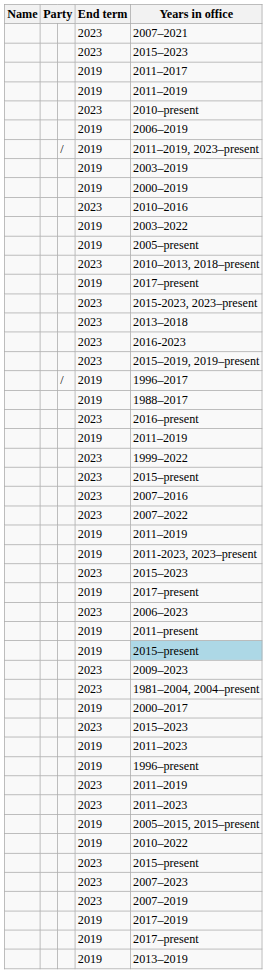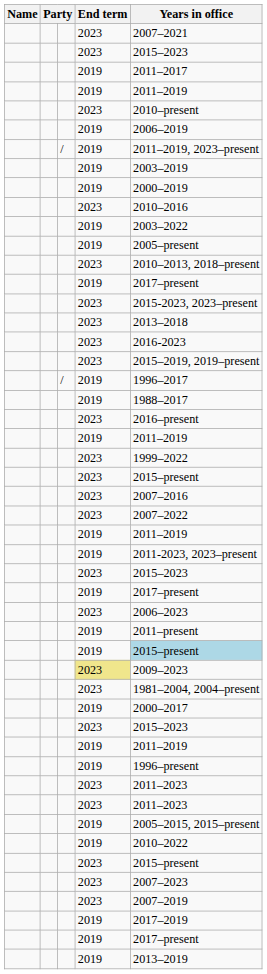 <table class="wikitable sortable">
 <tr>
 <th>Name</th>
 <th colspan=2>Party</th>
 <th>End term</th>
 <th>Years in office</th>
 </tr>
 <tr>
 <td></td>
 <td> </td>
 <td></td>
 <td>2023</td>
 <td>2007–2021</td>
 </tr>
 <tr>
 <td></td>
 <td> </td>
 <td></td>
 <td>2023</td>
 <td>2015–2023</td>
 </tr>
 <tr>
 <td></td>
 <td> </td>
 <td></td>
 <td>2019</td>
 <td>2011–2017</td>
 </tr>
 <tr>
 <td></td>
 <td> </td>
 <td></td>
 <td>2019</td>
 <td>2011–2019</td>
 </tr>
 <tr>
 <td></td>
 <td> </td>
 <td></td>
 <td>2023</td>
 <td>2010–present</td>
 </tr>
 <tr>
 <td></td>
 <td> </td>
 <td></td>
 <td>2019</td>
 <td>2006–2019</td>
 </tr>
 <tr>
 <td></td>
 <td> </td>
 <td> / </td>
 <td>2019</td>
 <td>2011–2019, 2023–present</td>
 </tr>
 <tr>
 <td></td>
 <td> </td>
 <td></td>
 <td>2019</td>
 <td>2003–2019</td>
 </tr>
 <tr>
 <td></td>
 <td> </td>
 <td></td>
 <td>2019</td>
 <td>2000–2019</td>
 </tr>
 <tr>
 <td></td>
 <td> </td>
 <td></td>
 <td>2023</td>
 <td>2010–2016</td>
 </tr>
 <tr>
 <td></td>
 <td> </td>
 <td></td>
 <td>2019</td>
 <td>2003–2022</td>
 </tr>
 <tr>
 <td></td>
 <td> </td>
 <td></td>
 <td>2019</td>
 <td>2005–present</td>
 </tr>
 <tr>
 <td></td>
 <td> </td>
 <td></td>
 <td>2023</td>
 <td>2010–2013, 2018–present</td>
 </tr>
 <tr>
 <td></td>
 <td> </td>
 <td></td>
 <td>2019</td>
 <td>2017–present</td>
 </tr>
 <tr>
 <td></td>
 <td> </td>
 <td></td>
 <td>2023</td>
 <td>2015-2023, 2023–present</td>
 </tr>
 <tr>
 <td></td>
 <td> </td>
 <td></td>
 <td>2023</td>
 <td>2013–2018</td>
 </tr>
 <tr>
 <td></td>
 <td> </td>
 <td></td>
 <td>2023</td>
 <td>2016-2023</td>
 </tr>
 <tr>
 <td></td>
 <td> </td>
 <td></td>
 <td>2023</td>
 <td>2015–2019, 2019–present</td>
 </tr>
 <tr>
 <td></td>
 <td> </td>
 <td> / </td>
 <td>2019</td>
 <td>1996–2017</td>
 </tr>
 <tr>
 <td></td>
 <td> </td>
 <td></td>
 <td>2019</td>
 <td>1988–2017</td>
 </tr>
 <tr>
 <td></td>
 <td> </td>
 <td></td>
 <td>2023</td>
 <td>2016–present</td>
 </tr>
 <tr>
 <td></td>
 <td> </td>
 <td></td>
 <td>2019</td>
 <td>2011–2019</td>
 </tr>
 <tr>
 <td></td>
 <td> </td>
 <td></td>
 <td>2023</td>
 <td>1999–2022</td>
 </tr>
 <tr>
 <td></td>
 <td> </td>
 <td></td>
 <td>2023</td>
 <td>2015–present</td>
 </tr>
 <tr>
 <td></td>
 <td> </td>
 <td></td>
 <td>2023</td>
 <td>2007–2016</td>
 </tr>
 <tr>
 <td></td>
 <td> </td>
 <td></td>
 <td>2023</td>
 <td>2007–2022</td>
 </tr>
 <tr>
 <td></td>
 <td> </td>
 <td></td>
 <td>2019</td>
 <td>2011–2019</td>
 </tr>
 <tr>
 <td></td>
 <td> </td>
 <td></td>
 <td>2019</td>
 <td>2011-2023, 2023–present</td>
 </tr>
 <tr>
 <td></td>
 <td> </td>
 <td></td>
 <td>2023</td>
 <td>2015–2023</td>
 </tr>
 <tr>
 <td></td>
 <td> </td>
 <td></td>
 <td>2019</td>
 <td>2017–present</td>
 </tr>
 <tr>
 <td></td>
 <td> </td>
 <td></td>
 <td>2023</td>
 <td>2006–2023</td>
 </tr>
 <tr>
 <td></td>
 <td> </td>
 <td></td>
 <td>2019</td>
 <td>2011–present</td>
 </tr>
 <tr>
 <td></td>
 <td> </td>
 <td></td>
 <td>2019</td>
 <td style="background: lightblue;">2015–present</td>
 </tr>
 <tr>
 <td></td>
 <td> </td>
 <td></td>
-<td>2023</td>
+<td style="background: khaki;">2023</td>
 <td>2009–2023</td>
 </tr>
 <tr>
 <td></td>
 <td> </td>
 <td></td>
 <td>2023</td>
 <td>1981–2004, 2004–present</td>
 </tr>
 <tr>
 <td></td>
 <td> </td>
 <td></td>
 <td>2019</td>
 <td>2000–2017</td>
 </tr>
 <tr>
 <td></td>
 <td> </td>
 <td></td>
 <td>2023</td>
 <td>2015–2023</td>
 </tr>
 <tr>
 <td></td>
 <td> </td>
 <td></td>
 <td>2019</td>
-<td>2011–2023</td>
+<td>2011–2019</td>
 </tr>
 <tr>
 <td></td>
 <td> </td>
 <td></td>
 <td>2019</td>
 <td>1996–present</td>
 </tr>
 <tr>
 <td></td>
 <td> </td>
 <td></td>
 <td>2023</td>
-<td>2011–2019</td>
+<td>2011–2023</td>
 </tr>
 <tr>
 <td></td>
 <td> </td>
 <td></td>
 <td>2023</td>
 <td>2011–2023</td>
 </tr>
 <tr>
 <td></td>
 <td> </td>
 <td></td>
 <td>2019</td>
 <td>2005–2015, 2015–present</td>
 </tr>
 <tr>
 <td></td>
 <td> </td>
 <td></td>
 <td>2019</td>
 <td>2010–2022</td>
 </tr>
 <tr>
 <td></td>
 <td> </td>
 <td></td>
 <td>2023</td>
 <td>2015–present</td>
 </tr>
 <tr>
 <td></td>
 <td> </td>
 <td></td>
 <td>2023</td>
 <td>2007–2023</td>
 </tr>
 <tr>
 <td></td>
 <td> </td>
 <td></td>
 <td>2023</td>
 <td>2007–2019</td>
 </tr>
 <tr>
 <td></td>
 <td> </td>
 <td></td>
 <td>2019</td>
 <td>2017–2019</td>
 </tr>
 <tr>
 <td></td>
 <td> </td>
 <td></td>
 <td>2019</td>
 <td>2017–present</td>
 </tr>
 <tr>
 <td></td>
 <td> </td>
 <td></td>
 <td>2019</td>
 <td>2013–2019</td>
 </tr>
 </table>
